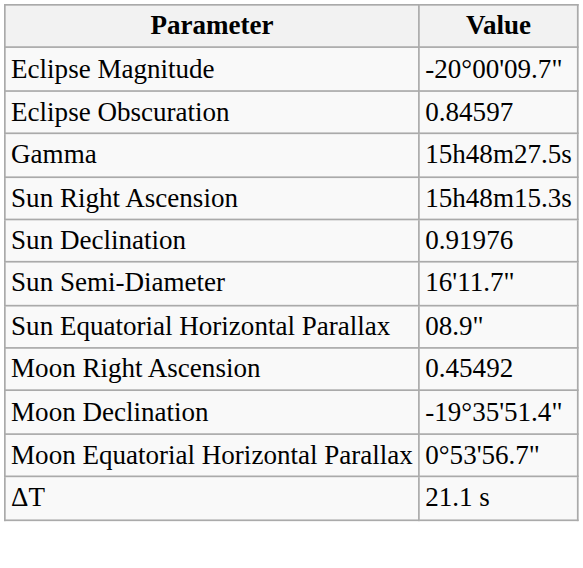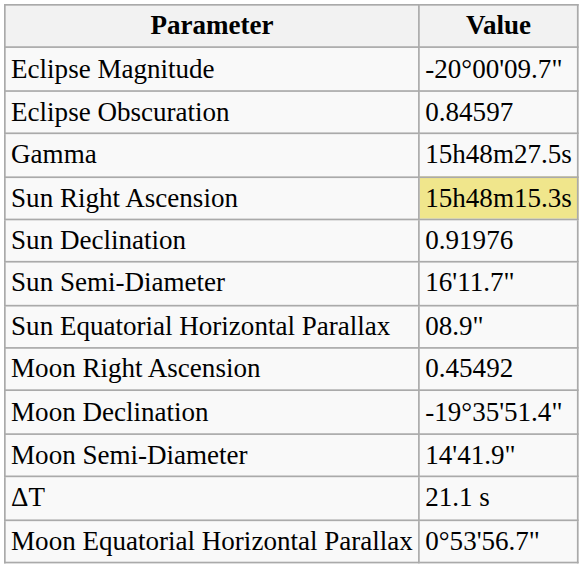 <table class="wikitable">
 <tr>
 <th>Parameter</th>
 <th>Value</th>
 </tr>
 <tr>
 <td>Eclipse Magnitude</td>
 <td>-20°00'09.7"</td>
 </tr>
 <tr>
 <td>Eclipse Obscuration</td>
 <td>0.84597</td>
 </tr>
 <tr>
 <td>Gamma</td>
 <td>15h48m27.5s</td>
 </tr>
 <tr>
 <td>Sun Right Ascension</td>
-<td>15h48m15.3s</td>
+<td style="background: khaki;">15h48m15.3s</td>
 </tr>
 <tr>
 <td>Sun Declination</td>
 <td>0.91976</td>
 </tr>
 <tr>
 <td>Sun Semi-Diameter</td>
 <td>16'11.7"</td>
 </tr>
 <tr>
 <td>Sun Equatorial Horizontal Parallax</td>
 <td>08.9"</td>
 </tr>
 <tr>
 <td>Moon Right Ascension</td>
 <td>0.45492</td>
 </tr>
 <tr>
 <td>Moon Declination</td>
 <td>-19°35'51.4"</td>
 </tr>
 <tr>
-<td>Moon Equatorial Horizontal Parallax</td>
-<td>0°53'56.7"</td>
+<td>Moon Semi-Diameter</td>
+<td>14'41.9"</td>
 </tr>
 <tr>
 <td>ΔT</td>
 <td>21.1 s</td>
 </tr>
+<tr>
+<td>Moon Equatorial Horizontal Parallax</td>
+<td>0°53'56.7"</td>
+</tr>
 </table>
